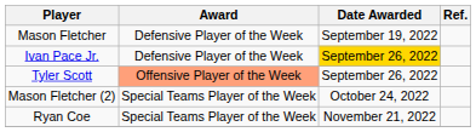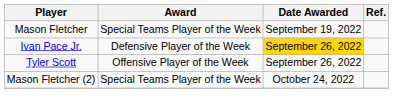 <table class="wikitable sortable sortable" style="text-align: center">
 <tr align=center>
 <th>Player</th>
 <th>Award</th>
 <th>Date Awarded</th>
 <th>Ref.</th>
 </tr>
 <tr>
 <td>Mason Fletcher</td>
-<td>Defensive Player of the Week</td>
+<td>Special Teams Player of the Week</td>
 <td>September 19, 2022</td>
 <td></td>
 </tr>
 <tr>
 <td><a href='#'>Ivan Pace Jr.</a></td>
 <td>Defensive Player of the Week</td>
 <td style="background: gold;">September 26, 2022</td>
 <td></td>
 </tr>
 <tr>
 <td><a href='#'>Tyler Scott</a></td>
-<td style="background: lightsalmon;">Offensive Player of the Week</td>
+<td>Offensive Player of the Week</td>
 <td>September 26, 2022</td>
 <td></td>
 </tr>
 <tr>
 <td>Mason Fletcher (2)</td>
 <td>Special Teams Player of the Week</td>
 <td>October 24, 2022</td>
 <td></td>
 </tr>
 <tr>
-<td>Ryan Coe</td>
-<td>Special Teams Player of the Week</td>
-<td>November 21, 2022</td>
-<td></td>
-</tr>
-<tr>
 </tr>
 </table>
